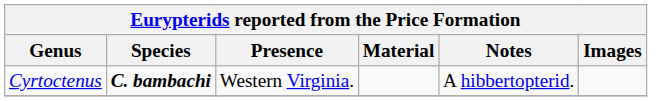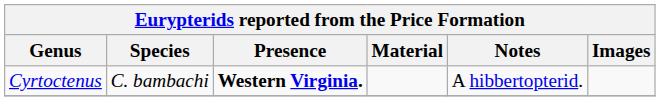 <table class="wikitable" align="center">
 <tr>
 <th colspan="6" align="center"><strong><a href='#'>Eurypterids</a> reported from the Price Formation</strong></th>
 </tr>
 <tr>
 <th>Genus</th>
 <th>Species</th>
 <th>Presence</th>
 <th><strong>Material</strong></th>
 <th>Notes</th>
 <th>Images</th>
 </tr>
 <tr>
 <td><em><a href='#'>Cyrtoctenus</a></em></td>
-<td><strong><em>C. bambachi</em></strong></td>
-<td>Western <a href='#'>Virginia</a>.</td>
+<td><em>C. bambachi</em></td>
+<td><strong>Western <a href='#'>Virginia</a>.</strong></td>
 <td></td>
 <td>A <a href='#'>hibbertopterid</a>.</td>
 <td></td>
 </tr>
 <tr>
 </tr>
 </table>
